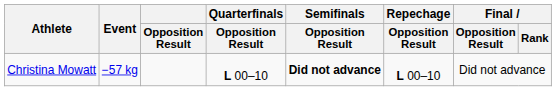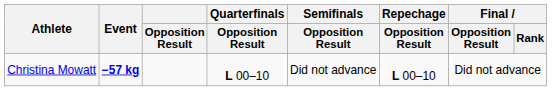 <table class="wikitable" style="font-size:90%">
 <tr>
 <th rowspan="2">Athlete</th>
 <th rowspan="2">Event</th>
 <th></th>
 <th>Quarterfinals</th>
 <th>Semifinals</th>
 <th>Repechage</th>
 <th colspan="2">Final / </th>
 </tr>
 <tr style="font-size:95%">
 <th>Opposition<br>Result</th>
 <th>Opposition<br>Result</th>
 <th>Opposition<br>Result</th>
 <th>Opposition<br>Result</th>
 <th>Opposition<br>Result</th>
 <th>Rank</th>
 </tr>
 <tr align=center>
 <td align=left><a href='#'>Christina Mowatt</a></td>
-<td align=left><a href='#'>−57 kg</a></td>
+<td align=left><strong><a href='#'>−57 kg</a></strong></td>
 <td></td>
 <td><br><strong>L</strong> 00–10</td>
-<td><strong>Did not advance</strong></td>
+<td>Did not advance</td>
 <td><br><strong>L</strong> 00–10</td>
 <td colspan=2>Did not advance</td>
 </tr>
 </table>
